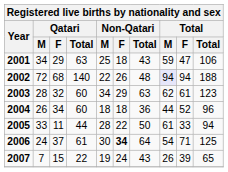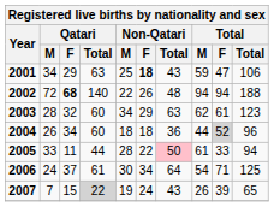 <table class="wikitable" style="text-align: center;">
 <tr>
 <th colspan="10">Registered live births by nationality and sex</th>
 </tr>
 <tr>
 <th rowspan="2">Year</th>
 <th colspan="3">Qatari</th>
 <th colspan="3">Non-Qatari</th>
 <th colspan="3">Total</th>
 </tr>
 <tr>
 <th>M</th>
 <th>F</th>
 <th>Total</th>
 <th>M</th>
 <th>F</th>
 <th>Total</th>
 <th>M</th>
 <th>F</th>
 <th>Total</th>
 </tr>
 <tr>
 <td><strong>2001</strong></td>
 <td>34</td>
 <td>29</td>
 <td>63</td>
 <td>25</td>
-<td>18</td>
+<td><strong>18</strong></td>
 <td>43</td>
 <td>59</td>
 <td>47</td>
 <td>106</td>
 </tr>
 <tr>
 <td><strong>2002</strong></td>
 <td>72</td>
-<td>68</td>
+<td><strong>68</strong></td>
 <td>140</td>
 <td>22</td>
 <td>26</td>
 <td>48</td>
-<td style="background: lavender;">94</td>
+<td>94</td>
 <td>94</td>
 <td>188</td>
 </tr>
 <tr>
 <td><strong>2003</strong></td>
 <td>28</td>
 <td>32</td>
 <td>60</td>
 <td>34</td>
 <td>29</td>
 <td>63</td>
 <td>62</td>
 <td>61</td>
 <td>123</td>
 </tr>
 <tr>
 <td><strong>2004</strong></td>
 <td>26</td>
 <td>34</td>
 <td>60</td>
 <td>18</td>
 <td>18</td>
 <td>36</td>
 <td>44</td>
-<td>52</td>
+<td style="background: lightgrey;">52</td>
 <td>96</td>
 </tr>
 <tr>
 <td><strong>2005</strong></td>
 <td>33</td>
 <td>11</td>
 <td>44</td>
 <td>28</td>
 <td>22</td>
-<td>50</td>
+<td style="background: pink;">50</td>
 <td>61</td>
 <td>33</td>
 <td>94</td>
 </tr>
 <tr>
 <td><strong>2006</strong></td>
 <td>24</td>
 <td>37</td>
 <td>61</td>
 <td>30</td>
-<td><strong>34</strong></td>
+<td>34</td>
 <td>64</td>
 <td>54</td>
 <td>71</td>
 <td>125</td>
 </tr>
 <tr>
 <td><strong>2007</strong></td>
 <td>7</td>
 <td>15</td>
-<td>22</td>
+<td style="background: lightgrey;">22</td>
 <td>19</td>
 <td>24</td>
 <td>43</td>
 <td>26</td>
 <td>39</td>
 <td>65</td>
 </tr>
 <tr>
 </tr>
 </table>
